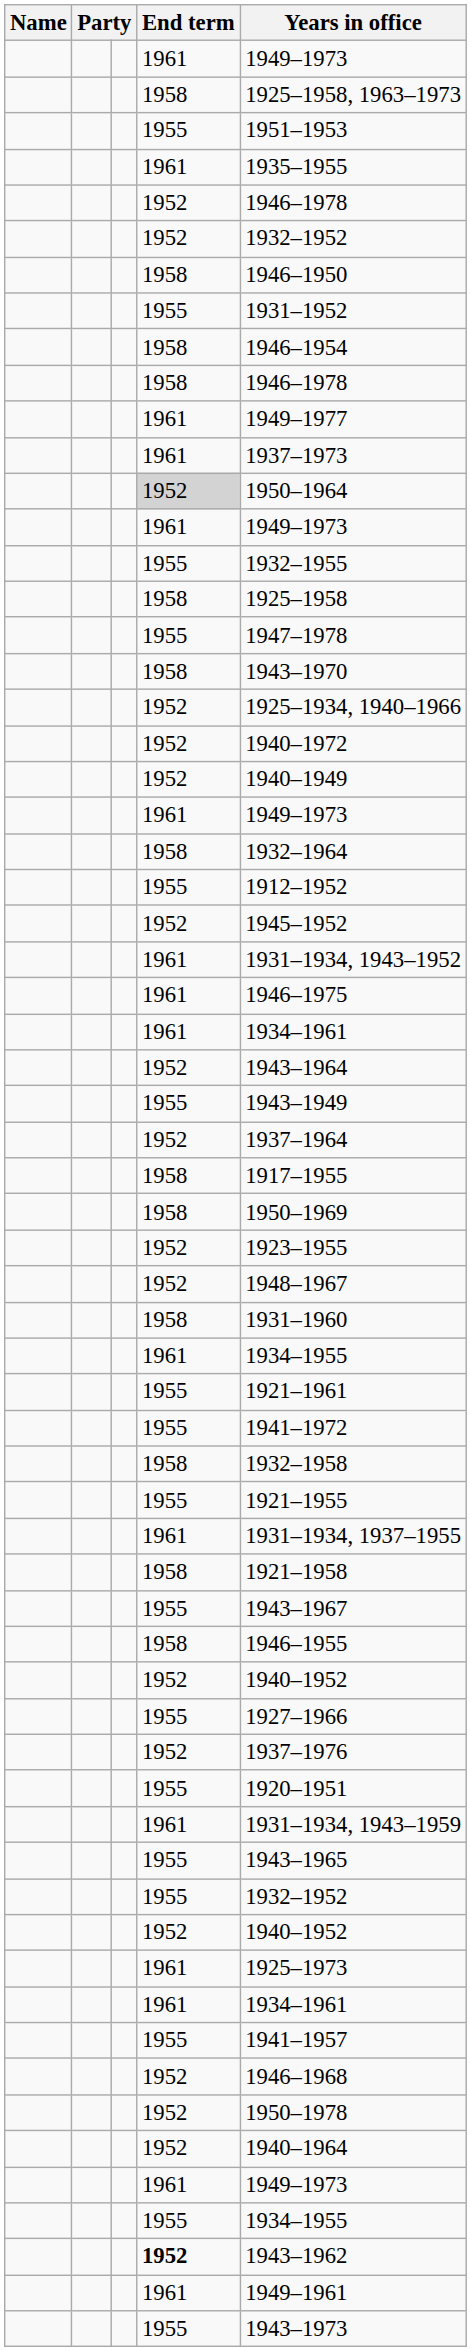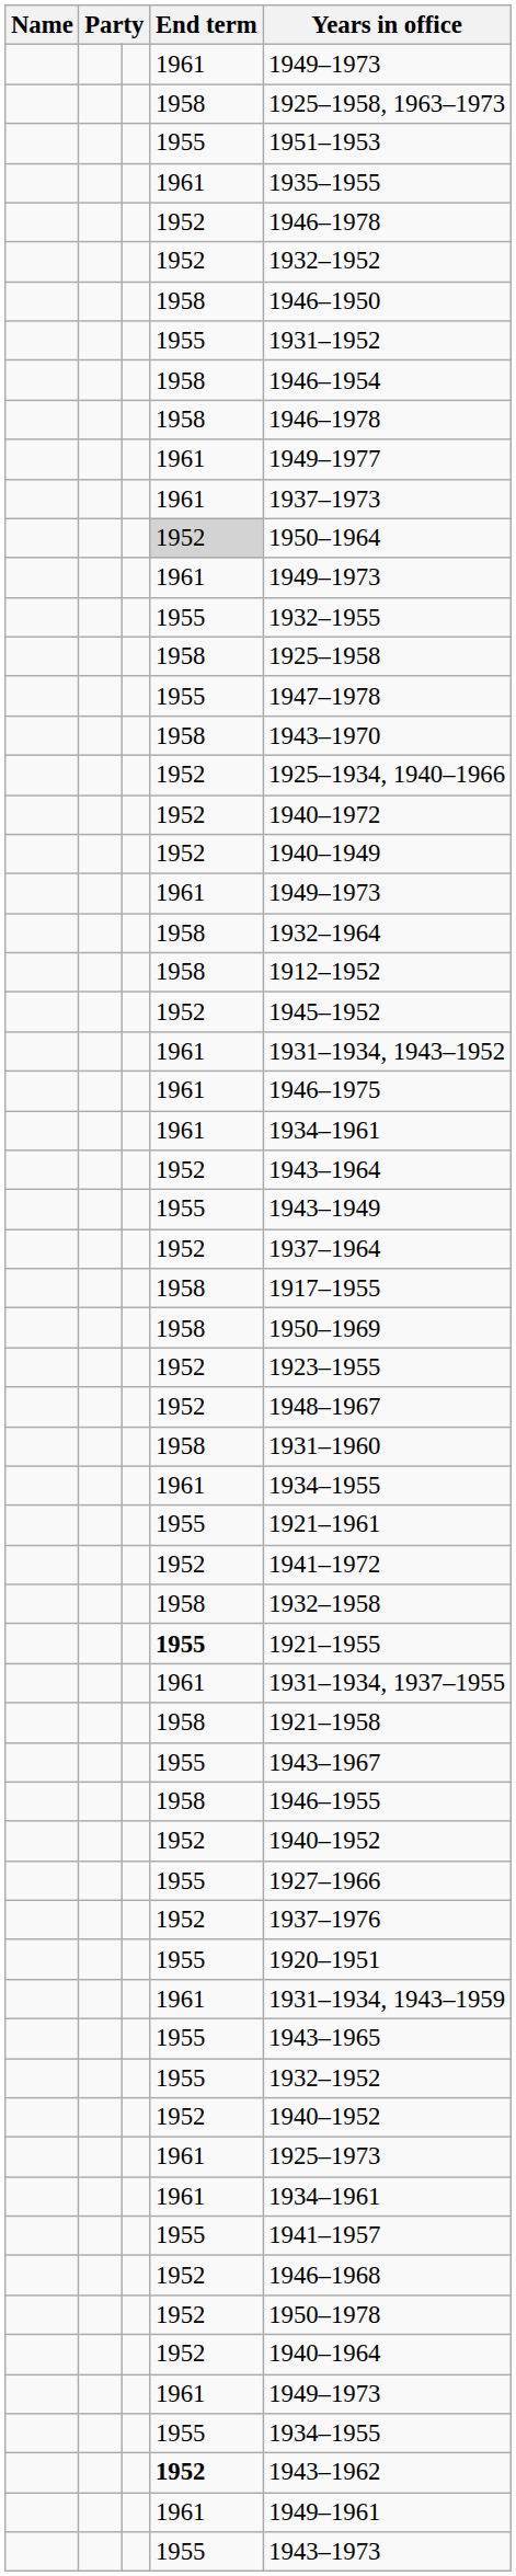 <table class="wikitable sortable">
 <tr>
 <th>Name</th>
 <th colspan=2>Party</th>
 <th>End term</th>
 <th>Years in office</th>
 </tr>
 <tr>
 <td></td>
 <td> </td>
 <td></td>
 <td>1961</td>
 <td>1949–1973</td>
 </tr>
 <tr>
 <td></td>
 <td> </td>
 <td></td>
 <td>1958</td>
 <td>1925–1958, 1963–1973</td>
 </tr>
 <tr>
 <td></td>
 <td> </td>
 <td></td>
 <td>1955</td>
 <td>1951–1953</td>
 </tr>
 <tr>
 <td></td>
 <td> </td>
 <td></td>
 <td>1961</td>
 <td>1935–1955</td>
 </tr>
 <tr>
 <td></td>
 <td> </td>
 <td></td>
 <td>1952</td>
 <td>1946–1978</td>
 </tr>
 <tr>
 <td></td>
 <td> </td>
 <td></td>
 <td>1952</td>
 <td>1932–1952</td>
 </tr>
 <tr>
 <td></td>
 <td> </td>
 <td></td>
 <td>1958</td>
 <td>1946–1950</td>
 </tr>
 <tr>
 <td></td>
 <td> </td>
 <td></td>
 <td>1955</td>
 <td>1931–1952</td>
 </tr>
 <tr>
 <td></td>
 <td> </td>
 <td></td>
 <td>1958</td>
 <td>1946–1954</td>
 </tr>
 <tr>
 <td></td>
 <td> </td>
 <td></td>
 <td>1958</td>
 <td>1946–1978</td>
 </tr>
 <tr>
 <td></td>
 <td> </td>
 <td></td>
 <td>1961</td>
 <td>1949–1977</td>
 </tr>
 <tr>
 <td></td>
 <td> </td>
 <td></td>
 <td>1961</td>
 <td>1937–1973</td>
 </tr>
 <tr>
 <td></td>
 <td> </td>
 <td></td>
 <td style="background: lightgrey;">1952</td>
 <td>1950–1964</td>
 </tr>
 <tr>
 <td></td>
 <td> </td>
 <td></td>
 <td>1961</td>
 <td>1949–1973</td>
 </tr>
 <tr>
 <td></td>
 <td> </td>
 <td></td>
 <td>1955</td>
 <td>1932–1955</td>
 </tr>
 <tr>
 <td></td>
 <td> </td>
 <td></td>
 <td>1958</td>
 <td>1925–1958</td>
 </tr>
 <tr>
 <td></td>
 <td> </td>
 <td></td>
 <td>1955</td>
 <td>1947–1978</td>
 </tr>
 <tr>
 <td></td>
 <td> </td>
 <td></td>
 <td>1958</td>
 <td>1943–1970</td>
 </tr>
 <tr>
 <td></td>
 <td> </td>
 <td></td>
 <td>1952</td>
 <td>1925–1934, 1940–1966</td>
 </tr>
 <tr>
 <td></td>
 <td> </td>
 <td></td>
 <td>1952</td>
 <td>1940–1972</td>
 </tr>
 <tr>
 <td></td>
 <td> </td>
 <td></td>
 <td>1952</td>
 <td>1940–1949</td>
 </tr>
 <tr>
 <td></td>
 <td> </td>
 <td></td>
 <td>1961</td>
 <td>1949–1973</td>
 </tr>
 <tr>
 <td></td>
 <td> </td>
 <td></td>
 <td>1958</td>
 <td>1932–1964</td>
 </tr>
 <tr>
 <td></td>
 <td> </td>
 <td></td>
-<td>1955</td>
+<td>1958</td>
 <td>1912–1952</td>
 </tr>
 <tr>
 <td></td>
 <td> </td>
 <td></td>
 <td>1952</td>
 <td>1945–1952</td>
 </tr>
 <tr>
 <td></td>
 <td> </td>
 <td></td>
 <td>1961</td>
 <td>1931–1934, 1943–1952</td>
 </tr>
 <tr>
 <td></td>
 <td> </td>
 <td></td>
 <td>1961</td>
 <td>1946–1975</td>
 </tr>
 <tr>
 <td></td>
 <td> </td>
 <td></td>
 <td>1961</td>
 <td>1934–1961</td>
 </tr>
 <tr>
 <td></td>
 <td> </td>
 <td></td>
 <td>1952</td>
 <td>1943–1964</td>
 </tr>
 <tr>
 <td></td>
 <td> </td>
 <td></td>
 <td>1955</td>
 <td>1943–1949</td>
 </tr>
 <tr>
 <td></td>
 <td> </td>
 <td></td>
 <td>1952</td>
 <td>1937–1964</td>
 </tr>
 <tr>
 <td></td>
 <td> </td>
 <td></td>
 <td>1958</td>
 <td>1917–1955</td>
 </tr>
 <tr>
 <td></td>
 <td> </td>
 <td></td>
 <td>1958</td>
 <td>1950–1969</td>
 </tr>
 <tr>
 <td></td>
 <td> </td>
 <td></td>
 <td>1952</td>
 <td>1923–1955</td>
 </tr>
 <tr>
 <td></td>
 <td> </td>
 <td></td>
 <td>1952</td>
 <td>1948–1967</td>
 </tr>
 <tr>
 <td></td>
 <td> </td>
 <td></td>
 <td>1958</td>
 <td>1931–1960</td>
 </tr>
 <tr>
 <td></td>
 <td> </td>
 <td></td>
 <td>1961</td>
 <td>1934–1955</td>
 </tr>
 <tr>
 <td></td>
 <td> </td>
 <td></td>
 <td>1955</td>
 <td>1921–1961</td>
 </tr>
 <tr>
 <td></td>
 <td> </td>
 <td></td>
-<td>1955</td>
+<td>1952</td>
 <td>1941–1972</td>
 </tr>
 <tr>
 <td></td>
 <td> </td>
 <td></td>
 <td>1958</td>
 <td>1932–1958</td>
 </tr>
 <tr>
 <td></td>
 <td> </td>
 <td></td>
-<td>1955</td>
+<td><strong>1955</strong></td>
 <td>1921–1955</td>
 </tr>
 <tr>
 <td></td>
 <td> </td>
 <td></td>
 <td>1961</td>
 <td>1931–1934, 1937–1955</td>
 </tr>
 <tr>
 <td></td>
 <td> </td>
 <td></td>
 <td>1958</td>
 <td>1921–1958</td>
 </tr>
 <tr>
 <td></td>
 <td> </td>
 <td></td>
 <td>1955</td>
 <td>1943–1967</td>
 </tr>
 <tr>
 <td></td>
 <td> </td>
 <td></td>
 <td>1958</td>
 <td>1946–1955</td>
 </tr>
 <tr>
 <td></td>
 <td> </td>
 <td></td>
 <td>1952</td>
 <td>1940–1952</td>
 </tr>
 <tr>
 <td></td>
 <td> </td>
 <td></td>
 <td>1955</td>
 <td>1927–1966</td>
 </tr>
 <tr>
 <td></td>
 <td> </td>
 <td></td>
 <td>1952</td>
 <td>1937–1976</td>
 </tr>
 <tr>
 <td></td>
 <td> </td>
 <td></td>
 <td>1955</td>
 <td>1920–1951</td>
 </tr>
 <tr>
 <td></td>
 <td> </td>
 <td></td>
 <td>1961</td>
 <td>1931–1934, 1943–1959</td>
 </tr>
 <tr>
 <td></td>
 <td> </td>
 <td></td>
 <td>1955</td>
 <td>1943–1965</td>
 </tr>
 <tr>
 <td></td>
 <td> </td>
 <td></td>
 <td>1955</td>
 <td>1932–1952</td>
 </tr>
 <tr>
 <td></td>
 <td> </td>
 <td></td>
 <td>1952</td>
 <td>1940–1952</td>
 </tr>
 <tr>
 <td></td>
 <td> </td>
 <td></td>
 <td>1961</td>
 <td>1925–1973</td>
 </tr>
 <tr>
 <td></td>
 <td> </td>
 <td></td>
 <td>1961</td>
 <td>1934–1961</td>
 </tr>
 <tr>
 <td></td>
 <td> </td>
 <td></td>
 <td>1955</td>
 <td>1941–1957</td>
 </tr>
 <tr>
 <td></td>
 <td> </td>
 <td></td>
 <td>1952</td>
 <td>1946–1968</td>
 </tr>
 <tr>
 <td></td>
 <td> </td>
 <td></td>
 <td>1952</td>
 <td>1950–1978</td>
 </tr>
 <tr>
 <td></td>
 <td> </td>
 <td></td>
 <td>1952</td>
 <td>1940–1964</td>
 </tr>
 <tr>
 <td></td>
 <td> </td>
 <td></td>
 <td>1961</td>
 <td>1949–1973</td>
 </tr>
 <tr>
 <td></td>
 <td> </td>
 <td></td>
 <td>1955</td>
 <td>1934–1955</td>
 </tr>
 <tr>
 <td></td>
 <td> </td>
 <td></td>
 <td><strong>1952</strong></td>
 <td>1943–1962</td>
 </tr>
 <tr>
 <td></td>
 <td> </td>
 <td></td>
 <td>1961</td>
 <td>1949–1961</td>
 </tr>
 <tr>
 <td></td>
 <td> </td>
 <td></td>
 <td>1955</td>
 <td>1943–1973</td>
 </tr>
 </table>
